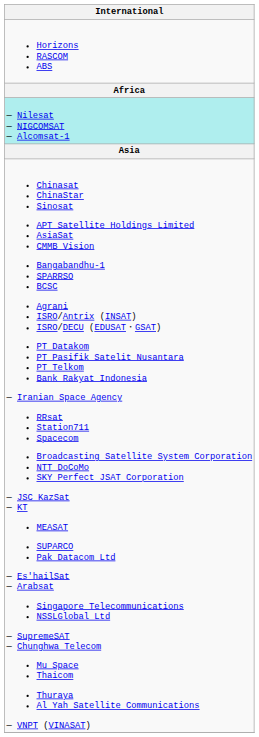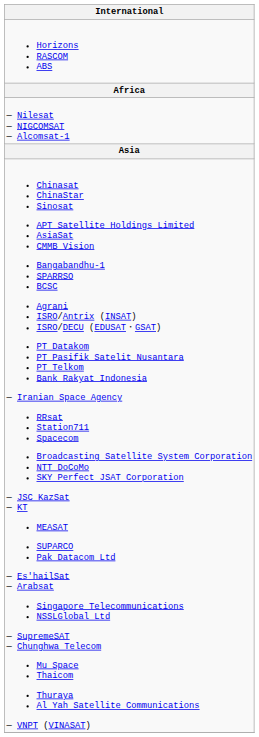 <table class="wikitable" style="font-size:90%;">
 <tr>
 <th>International</th>
 </tr>
 <tr>
 <td><br><ul><li><a href='#'>Horizons</a></li><li><a href='#'>RASCOM</a></li><li><a href='#'>ABS</a></li></ul></td>
 </tr>
 <tr>
 <th>Africa</th>
 </tr>
 <tr>
-<td style="background: paleturquoise;"><br> — <a href='#'>Nilesat</a><br> — <a href='#'>NIGCOMSAT</a><br> — <a href='#'>Alcomsat-1</a></td>
+<td><br> — <a href='#'>Nilesat</a><br> — <a href='#'>NIGCOMSAT</a><br> — <a href='#'>Alcomsat-1</a></td>
 </tr>
 <tr>
 <th>Asia</th>
 </tr>
 <tr>
 <td><br><ul><li><a href='#'>Chinasat</a></li><li><a href='#'>ChinaStar</a></li><li><a href='#'>Sinosat</a></li></ul><ul><li><a href='#'>APT Satellite Holdings Limited</a></li><li><a href='#'>AsiaSat</a></li><li><a href='#'>CMMB Vision</a> </li></ul><ul><li><a href='#'>Bangabandhu-1</a></li><li><a href='#'>SPARRSO</a></li><li><a href='#'>BCSC</a></li></ul><ul><li><a href='#'>Agrani</a></li><li><a href='#'>ISRO</a>/<a href='#'>Antrix</a> (<a href='#'>INSAT</a>)</li><li><a href='#'>ISRO</a>/<a href='#'>DECU</a> (<a href='#'>EDUSAT</a>・<a href='#'>GSAT</a>)</li></ul><ul><li><a href='#'>PT Datakom</a></li><li><a href='#'>PT Pasifik Satelit Nusantara</a></li><li><a href='#'>PT Telkom</a></li><li><a href='#'>Bank Rakyat Indonesia</a></li></ul> — <a href='#'>Iranian Space Agency</a><br><ul><li><a href='#'>RRsat</a></li><li><a href='#'>Station711</a></li><li><a href='#'>Spacecom</a></li></ul><ul><li><a href='#'>Broadcasting Satellite System Corporation</a></li><li><a href='#'>NTT DoCoMo</a></li><li><a href='#'>SKY Perfect JSAT Corporation</a></li></ul> — <a href='#'>JSC KazSat</a><br> — <a href='#'>KT</a><br><ul><li><a href='#'>MEASAT</a></li></ul><ul><li><a href='#'>SUPARCO</a></li><li><a href='#'>Pak Datacom Ltd</a></li></ul> — <a href='#'>Es'hailSat</a><br> — <a href='#'>Arabsat</a><br><ul><li><a href='#'>Singapore Telecommunications</a></li><li><a href='#'>NSSLGlobal Ltd</a></li></ul> — <a href='#'>SupremeSAT</a><br> — <a href='#'>Chunghwa Telecom</a><br><ul><li><a href='#'>Mu Space</a></li><li><a href='#'>Thaicom</a></li></ul><ul><li><a href='#'>Thuraya</a></li><li><a href='#'>Al Yah Satellite Communications</a></li></ul> — <a href='#'>VNPT</a> (<a href='#'>VINASAT</a>)</td>
 </tr>
 <tr>
 </tr>
 </table>
